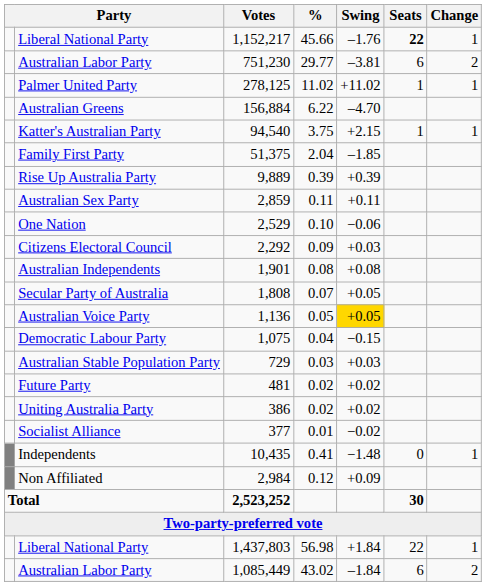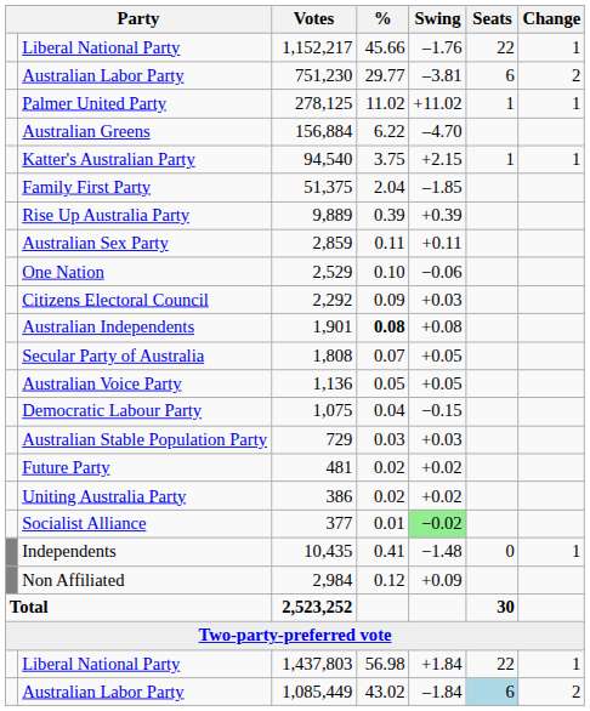 <table class="wikitable">
 <tr>
 <th style="width:200px" colspan=2><strong>Party</strong></th>
 <th style="width:70px; text-align:center;"><strong>Votes</strong></th>
 <th style="width:40px; text-align:center;"><strong>%</strong></th>
 <th style="width:40px; text-align:center;"><strong>Swing</strong></th>
 <th style="width:40px; text-align:center;"><strong>Seats</strong></th>
 <th style="width:40px; text-align:center;"><strong>Change</strong></th>
 </tr>
 <tr>
 <td> </td>
 <td><a href='#'>Liberal National Party</a></td>
 <td align=right>1,152,217</td>
 <td align=right>45.66</td>
 <td align=right>–1.76</td>
-<td align=right><strong>22</strong></td>
+<td align=right>22</td>
 <td align=right> 1</td>
 </tr>
 <tr>
 <td> </td>
 <td><a href='#'>Australian Labor Party</a></td>
 <td align=right>751,230</td>
 <td align=right>29.77</td>
 <td align=right>–3.81</td>
 <td align=right>6</td>
 <td align=right> 2</td>
 </tr>
 <tr>
 <td> </td>
 <td><a href='#'>Palmer United Party</a></td>
 <td align=right>278,125</td>
 <td align=right>11.02</td>
 <td align=right>+11.02</td>
 <td align=right>1</td>
 <td align=right> 1</td>
 </tr>
 <tr>
 <td> </td>
 <td><a href='#'>Australian Greens</a></td>
 <td align=right>156,884</td>
 <td align=right>6.22</td>
 <td align=right>–4.70</td>
 <td align=right></td>
 <td align=right></td>
 </tr>
 <tr>
 <td> </td>
 <td><a href='#'>Katter's Australian Party</a></td>
 <td align=right>94,540</td>
 <td align=right>3.75</td>
 <td align=right>+2.15</td>
 <td align=right>1</td>
 <td align=right> 1</td>
 </tr>
 <tr>
 <td> </td>
 <td><a href='#'>Family First Party</a></td>
 <td align=right>51,375</td>
 <td align=right>2.04</td>
 <td align=right>–1.85</td>
 <td align=right></td>
 <td align=right></td>
 </tr>
 <tr>
 <td> </td>
 <td><a href='#'>Rise Up Australia Party</a></td>
 <td align=right>9,889</td>
 <td align=right>0.39</td>
 <td align=right>+0.39</td>
 <td align=right></td>
 <td align=right></td>
 </tr>
 <tr>
 <td> </td>
 <td><a href='#'>Australian Sex Party</a></td>
 <td align=right>2,859</td>
 <td align=right>0.11</td>
 <td align=right>+0.11</td>
 <td align=right></td>
 <td align=right></td>
 </tr>
 <tr>
 <td> </td>
 <td><a href='#'>One Nation</a></td>
 <td align=right>2,529</td>
 <td align=right>0.10</td>
 <td align=right>−0.06</td>
 <td align=right></td>
 <td align=right></td>
 </tr>
 <tr>
 <td> </td>
 <td><a href='#'>Citizens Electoral Council</a></td>
 <td align=right>2,292</td>
 <td align=right>0.09</td>
 <td align=right>+0.03</td>
 <td align=right></td>
 <td align=right></td>
 </tr>
 <tr>
 <td> </td>
 <td><a href='#'>Australian Independents</a></td>
 <td align=right>1,901</td>
-<td align=right>0.08</td>
+<td align=right><strong>0.08</strong></td>
 <td align=right>+0.08</td>
 <td align=right></td>
 <td align=right></td>
 </tr>
 <tr>
 <td> </td>
 <td><a href='#'>Secular Party of Australia</a></td>
 <td align=right>1,808</td>
 <td align=right>0.07</td>
 <td align=right>+0.05</td>
 <td align=right></td>
 <td align=right></td>
 </tr>
 <tr>
 <td> </td>
 <td><a href='#'>Australian Voice Party</a></td>
 <td align=right>1,136</td>
 <td align=right>0.05</td>
-<td align=right style="background: gold;">+0.05</td>
+<td align=right>+0.05</td>
 <td align=right></td>
 <td align=right></td>
 </tr>
 <tr>
 <td> </td>
 <td><a href='#'>Democratic Labour Party</a></td>
 <td align=right>1,075</td>
 <td align=right>0.04</td>
 <td align=right>−0.15</td>
 <td align=right></td>
 <td align=right></td>
 </tr>
 <tr>
 <td> </td>
 <td><a href='#'>Australian Stable Population Party</a></td>
 <td align=right>729</td>
 <td align=right>0.03</td>
 <td align=right>+0.03</td>
 <td align=right></td>
 <td align=right></td>
 </tr>
 <tr>
 <td> </td>
 <td><a href='#'>Future Party</a></td>
 <td align=right>481</td>
 <td align=right>0.02</td>
 <td align=right>+0.02</td>
 <td align=right></td>
 <td align=right></td>
 </tr>
 <tr>
 <td> </td>
 <td><a href='#'>Uniting Australia Party</a></td>
 <td align=right>386</td>
 <td align=right>0.02</td>
 <td align=right>+0.02</td>
 <td align=right></td>
 <td align=right></td>
 </tr>
 <tr>
 <td> </td>
 <td><a href='#'>Socialist Alliance</a></td>
 <td align=right>377</td>
 <td align=right>0.01</td>
-<td align=right>−0.02</td>
+<td align=right style="background: lightgreen;">−0.02</td>
 <td align=right></td>
 <td align=right></td>
 </tr>
 <tr>
 <td style="background:gray;"> </td>
 <td>Independents</td>
 <td align=right>10,435</td>
 <td align=right>0.41</td>
 <td align=right>−1.48</td>
 <td align=right>0</td>
 <td align=right> 1</td>
 </tr>
 <tr>
 <td style="background:gray;"> </td>
 <td>Non Affiliated</td>
 <td align=right>2,984</td>
 <td align=right>0.12</td>
 <td align=right>+0.09</td>
 <td align=right></td>
 <td align=right></td>
 </tr>
 <tr>
 <td colspan="2"><strong>Total</strong></td>
 <td align="right"><strong>2,523,252</strong></td>
 <td align="right"><strong> </strong></td>
 <td align="right"><strong> </strong></td>
 <td align=right><strong>30</strong></td>
 <td align=right></td>
 </tr>
 <tr>
 <td colspan="7" style="text-align:center; background:#eee;"><strong><a href='#'>Two-party-preferred vote</a></strong></td>
 </tr>
 <tr>
 <td> </td>
 <td><a href='#'>Liberal National Party</a></td>
 <td align=right>1,437,803</td>
 <td align=right>56.98</td>
 <td align=right>+1.84</td>
 <td align=right>22</td>
 <td align=right> 1</td>
 </tr>
 <tr>
 <td> </td>
 <td><a href='#'>Australian Labor Party</a></td>
 <td align=right>1,085,449</td>
 <td align=right>43.02</td>
 <td align=right>–1.84</td>
-<td align=right>6</td>
+<td align=right style="background: lightblue;">6</td>
 <td align=right> 2</td>
 </tr>
 </table>
